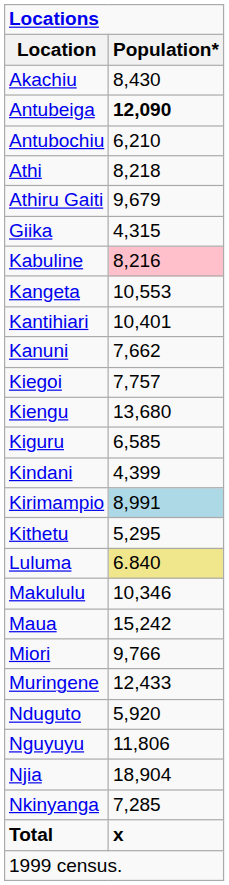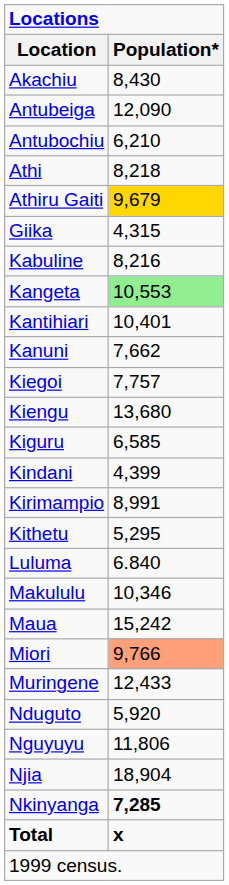 <table class="wikitable">
 <tr>
 <td colspan="2"><strong><a href='#'>Locations</a></strong></td>
 </tr>
 <tr>
 <th>Location</th>
 <th>Population*</th>
 </tr>
 <tr>
 <td><a href='#'>Akachiu</a></td>
 <td>8,430</td>
 </tr>
 <tr>
 <td><a href='#'>Antubeiga</a></td>
-<td><strong>12,090</strong></td>
+<td>12,090</td>
 </tr>
 <tr>
 <td><a href='#'>Antubochiu</a></td>
 <td>6,210</td>
 </tr>
 <tr>
 <td><a href='#'>Athi</a></td>
 <td>8,218</td>
 </tr>
 <tr>
 <td><a href='#'>Athiru Gaiti</a></td>
-<td>9,679</td>
+<td style="background: gold;">9,679</td>
 </tr>
 <tr>
 <td><a href='#'>Giika</a></td>
 <td>4,315</td>
 </tr>
 <tr>
 <td><a href='#'>Kabuline</a></td>
-<td style="background: pink;">8,216</td>
+<td>8,216</td>
 </tr>
 <tr>
 <td><a href='#'>Kangeta</a></td>
-<td>10,553</td>
+<td style="background: lightgreen;">10,553</td>
 </tr>
 <tr>
 <td><a href='#'>Kantihiari</a></td>
 <td>10,401</td>
 </tr>
 <tr>
 <td><a href='#'>Kanuni</a></td>
 <td>7,662</td>
 </tr>
 <tr>
 <td><a href='#'>Kiegoi</a></td>
 <td>7,757</td>
 </tr>
 <tr>
 <td><a href='#'>Kiengu</a></td>
 <td>13,680</td>
 </tr>
 <tr>
 <td><a href='#'>Kiguru</a></td>
 <td>6,585</td>
 </tr>
 <tr>
 <td><a href='#'>Kindani</a></td>
 <td>4,399</td>
 </tr>
 <tr>
 <td><a href='#'>Kirimampio</a></td>
-<td style="background: lightblue;">8,991</td>
+<td>8,991</td>
 </tr>
 <tr>
 <td><a href='#'>Kithetu</a></td>
 <td>5,295</td>
 </tr>
 <tr>
 <td><a href='#'>Luluma</a></td>
-<td style="background: khaki;">6.840</td>
+<td>6.840</td>
 </tr>
 <tr>
 <td><a href='#'>Makululu</a></td>
 <td>10,346</td>
 </tr>
 <tr>
 <td><a href='#'>Maua</a></td>
 <td>15,242</td>
 </tr>
 <tr>
 <td><a href='#'>Miori</a></td>
-<td>9,766</td>
+<td style="background: lightsalmon;">9,766</td>
 </tr>
 <tr>
 <td><a href='#'>Muringene</a></td>
 <td>12,433</td>
 </tr>
 <tr>
 <td><a href='#'>Nduguto</a></td>
 <td>5,920</td>
 </tr>
 <tr>
 <td><a href='#'>Nguyuyu</a></td>
 <td>11,806</td>
 </tr>
 <tr>
 <td><a href='#'>Njia</a></td>
 <td>18,904</td>
 </tr>
 <tr>
 <td><a href='#'>Nkinyanga</a></td>
-<td>7,285</td>
+<td><strong>7,285</strong></td>
 </tr>
 <tr>
 <td><strong>Total</strong></td>
 <td><strong>x</strong></td>
 </tr>
 <tr>
 <td colspan="2">1999 census.</td>
 </tr>
 </table>
